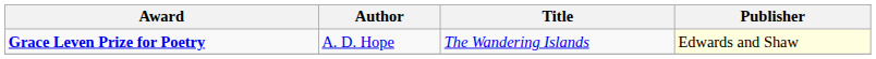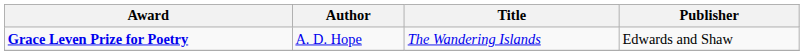 <table class="wikitable" width=100%>
 <tr>
 <th>Award</th>
 <th>Author</th>
 <th>Title</th>
 <th>Publisher</th>
 </tr>
 <tr>
 <td><strong><a href='#'>Grace Leven Prize for Poetry</a></strong></td>
 <td><a href='#'>A. D. Hope</a></td>
 <td><em><a href='#'>The Wandering Islands</a></em></td>
-<td style="background: lightyellow;">Edwards and Shaw</td>
+<td>Edwards and Shaw</td>
 </tr>
 <tr>
 </tr>
 </table>
